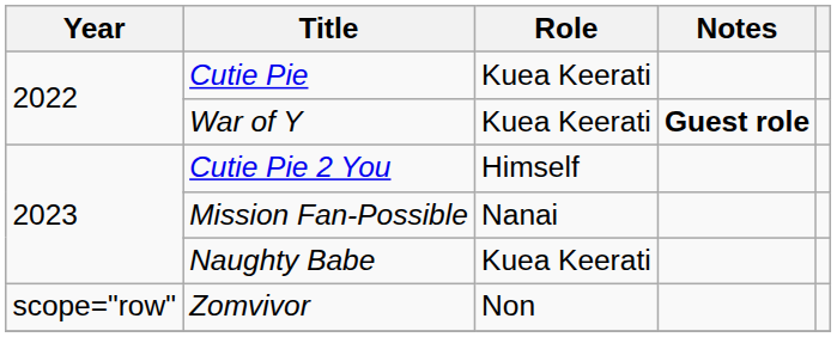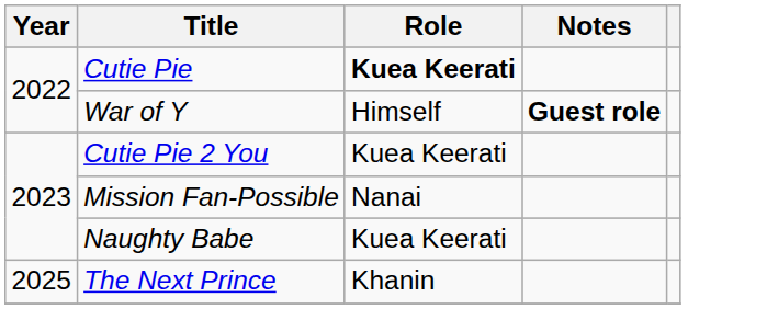 <table class="wikitable sortable plainrowheaders">
 <tr>
 <th scope="col">Year</th>
 <th scope="col">Title</th>
 <th scope="col">Role</th>
 <th scope="col">Notes</th>
 <th scope="col" class="unsortable"></th>
 </tr>
 <tr>
 <td rowspan="2" scope="row">2022</td>
 <td><em><a href='#'>Cutie Pie</a></em></td>
-<td>Kuea Keerati</td>
+<td><strong>Kuea Keerati</strong></td>
 <td></td>
 <td></td>
 </tr>
 <tr>
 <td><em>War of Y</em></td>
-<td>Kuea Keerati</td>
+<td>Himself</td>
 <td><strong>Guest role</strong></td>
 <td></td>
 </tr>
 <tr>
 <td rowspan="3" scope="row">2023</td>
 <td><em><a href='#'>Cutie Pie 2 You</a></em></td>
-<td>Himself</td>
+<td>Kuea Keerati</td>
 <td></td>
 <td></td>
 </tr>
 <tr>
 <td><em>Mission Fan-Possible</em></td>
 <td>Nanai</td>
 <td></td>
 <td></td>
 </tr>
 <tr>
 <td><em>Naughty Babe</em></td>
 <td>Kuea Keerati</td>
 <td></td>
 <td></td>
 </tr>
 <tr>
-<td>scope="row" </td>
-<td><em>Zomvivor</em></td>
-<td>Non</td>
+<td scope="row">2025</td>
+<td><em><a href='#'>The Next Prince</a></em></td>
+<td>Khanin</td>
 <td></td>
 <td></td>
 </tr>
 <tr>
 </tr>
 </table>
